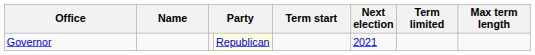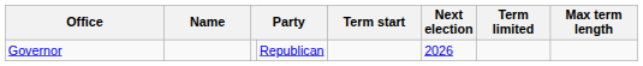 <table class="sortable wikitable">
 <tr>
 <th scope="col" width=190>Office</th>
 <th scope="col" width=100>Name</th>
 <th scope="col" width=75 colspan=2>Party</th>
 <th scope="col" width=110>Term start</th>
 <th scope="col" width=50>Next election</th>
 <th scope="col" width=85>Term limited</th>
 <th scope="col" width=100>Max term length</th>
 </tr>
 <tr>
 <td><a href='#'>Governor</a></td>
 <td></td>
 <td style="background-color:"></td>
-<td style="background: lightyellow;"><a href='#'>Republican</a></td>
+<td><a href='#'>Republican</a></td>
 <td></td>
-<td><a href='#'>2021</a></td>
+<td><a href='#'>2026</a></td>
 <td></td>
 <td></td>
 </tr>
 </table>
